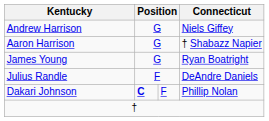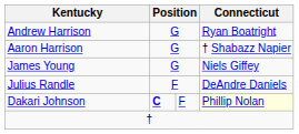 <table class="wikitable">
 <tr>
 <th style="width:200px;">Kentucky</th>
 <th colspan="2">Position</th>
 <th>Connecticut</th>
 </tr>
 <tr>
 <td><a href='#'>Andrew Harrison</a></td>
 <td colspan="2" style="text-align:center"><a href='#'>G</a></td>
-<td><a href='#'>Niels Giffey</a></td>
+<td><a href='#'>Ryan Boatright</a></td>
 </tr>
 <tr>
 <td><a href='#'>Aaron Harrison</a></td>
 <td colspan="2" style="text-align:center"><a href='#'>G</a></td>
 <td>† <a href='#'>Shabazz Napier</a></td>
 </tr>
 <tr>
 <td><a href='#'>James Young</a></td>
 <td colspan="2" style="text-align:center"><a href='#'>G</a></td>
-<td><a href='#'>Ryan Boatright</a></td>
+<td><a href='#'>Niels Giffey</a></td>
 </tr>
 <tr>
 <td><a href='#'>Julius Randle</a></td>
 <td colspan="2" style="text-align:center"><a href='#'>F</a></td>
 <td><a href='#'>DeAndre Daniels</a></td>
 </tr>
 <tr>
 <td><a href='#'>Dakari Johnson</a></td>
 <td><strong><a href='#'>C</a></strong></td>
 <td><a href='#'>F</a></td>
-<td><a href='#'>Phillip Nolan</a></td>
+<td style="background: lightyellow;"><a href='#'>Phillip Nolan</a></td>
 </tr>
 <tr>
 <td colspan="5" align=center>† </td>
 </tr>
 </table>
